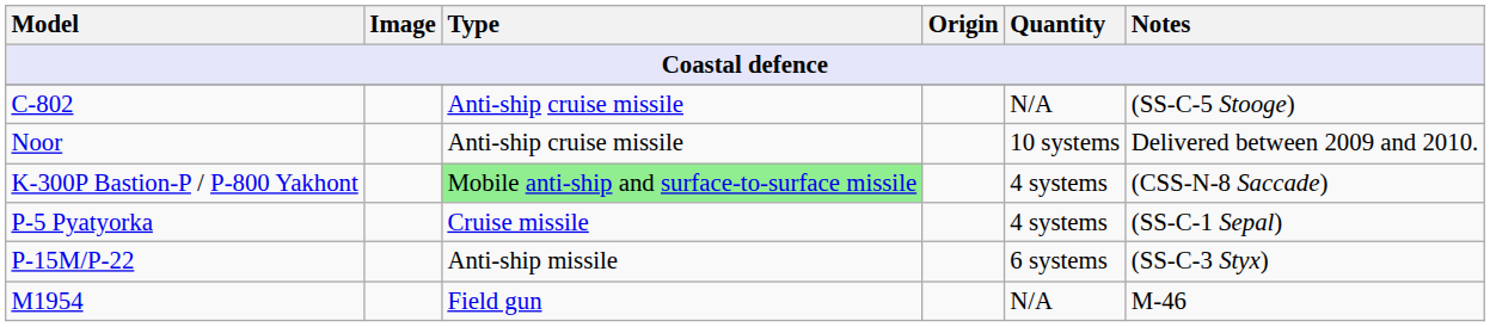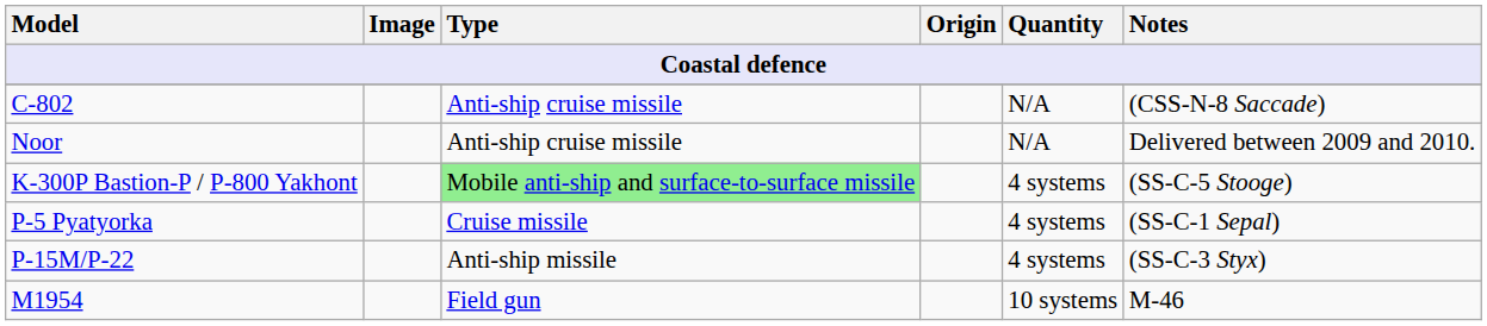 <table class="wikitable">
 <tr>
 <th style="text-align: left;">Model</th>
 <th style="text-align: left;">Image</th>
 <th style="text-align: left;">Type</th>
 <th style="text-align: left;">Origin</th>
 <th style="text-align: left;">Quantity</th>
 <th style="text-align: left;">Notes</th>
 </tr>
 <tr>
 <th style="align: center; background: lavender;" colspan="7">Coastal defence</th>
 </tr>
 <tr --->
 </tr>
 <tr>
 <td><a href='#'>C-802</a></td>
 <td></td>
 <td><a href='#'>Anti-ship</a> <a href='#'>cruise missile</a></td>
 <td></td>
 <td>N/A</td>
-<td>(SS-C-5 <em>Stooge</em>)</td>
+<td>(CSS-N-8 <em>Saccade</em>)</td>
 </tr>
 <tr>
 <td><a href='#'>Noor</a></td>
 <td></td>
 <td>Anti-ship cruise missile</td>
 <td></td>
-<td>10 systems</td>
+<td>N/A</td>
 <td>Delivered between 2009 and 2010.</td>
 </tr>
 <tr>
 <td><a href='#'>K-300P Bastion-P</a> / <a href='#'>P-800 Yakhont</a></td>
 <td></td>
 <td style="background: lightgreen;">Mobile <a href='#'>anti-ship</a> and <a href='#'>surface-to-surface missile</a></td>
 <td></td>
 <td>4 systems</td>
-<td>(CSS-N-8 <em>Saccade</em>)</td>
+<td>(SS-C-5 <em>Stooge</em>)</td>
 </tr>
 <tr>
 <td><a href='#'>P-5 Pyatyorka</a></td>
 <td></td>
 <td><a href='#'>Cruise missile</a></td>
 <td></td>
 <td>4 systems</td>
 <td>(SS-C-1 <em>Sepal</em>)</td>
 </tr>
 <tr>
 <td><a href='#'>P-15M/P-22</a></td>
 <td></td>
 <td>Anti-ship missile</td>
 <td></td>
-<td>6 systems</td>
+<td>4 systems</td>
 <td>(SS-C-3 <em>Styx</em>)</td>
 </tr>
 <tr>
 <td><a href='#'>M1954</a></td>
 <td></td>
 <td><a href='#'>Field gun</a></td>
 <td></td>
-<td>N/A</td>
+<td>10 systems</td>
 <td>M-46</td>
 </tr>
 </table>
